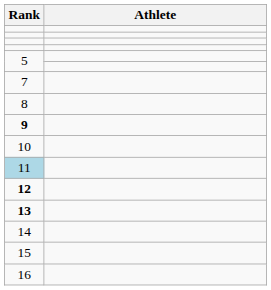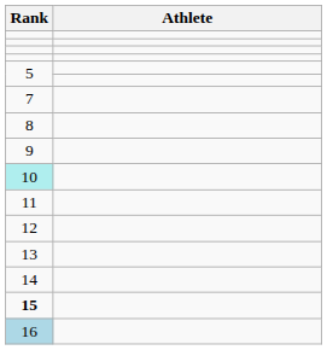 <table class="wikitable" style="text-align: center;">
 <tr>
 <th width=40>Rank</th>
 <th width=257>Athlete</th>
 </tr>
 <tr>
 <td></td>
 <td align="left"></td>
 </tr>
 <tr>
 <td></td>
 <td align="left"></td>
 </tr>
 <tr>
 <td></td>
 <td align="left"></td>
 </tr>
 <tr>
 <td></td>
 <td align="left"></td>
 </tr>
 <tr>
 <td rowspan=2>5</td>
 <td align="left"></td>
 </tr>
 <tr>
 <td align="left"></td>
 </tr>
 <tr>
 <td>7</td>
 <td align="left"></td>
 </tr>
 <tr>
 <td>8</td>
 <td align="left"></td>
 </tr>
 <tr>
-<td><strong>9</strong></td>
+<td>9</td>
 <td align="left"></td>
 </tr>
 <tr>
-<td>10</td>
+<td style="background: paleturquoise;">10</td>
 <td align="left"></td>
 </tr>
 <tr>
-<td style="background: lightblue;">11</td>
+<td>11</td>
 <td align="left"></td>
 </tr>
 <tr>
-<td><strong>12</strong></td>
+<td>12</td>
 <td align="left"></td>
 </tr>
 <tr>
-<td><strong>13</strong></td>
+<td>13</td>
 <td align="left"></td>
 </tr>
 <tr>
 <td>14</td>
 <td align="left"></td>
 </tr>
 <tr>
-<td>15</td>
+<td><strong>15</strong></td>
 <td align="left"></td>
 </tr>
 <tr>
-<td>16</td>
+<td style="background: lightblue;">16</td>
 <td align="left"></td>
 </tr>
 </table>
